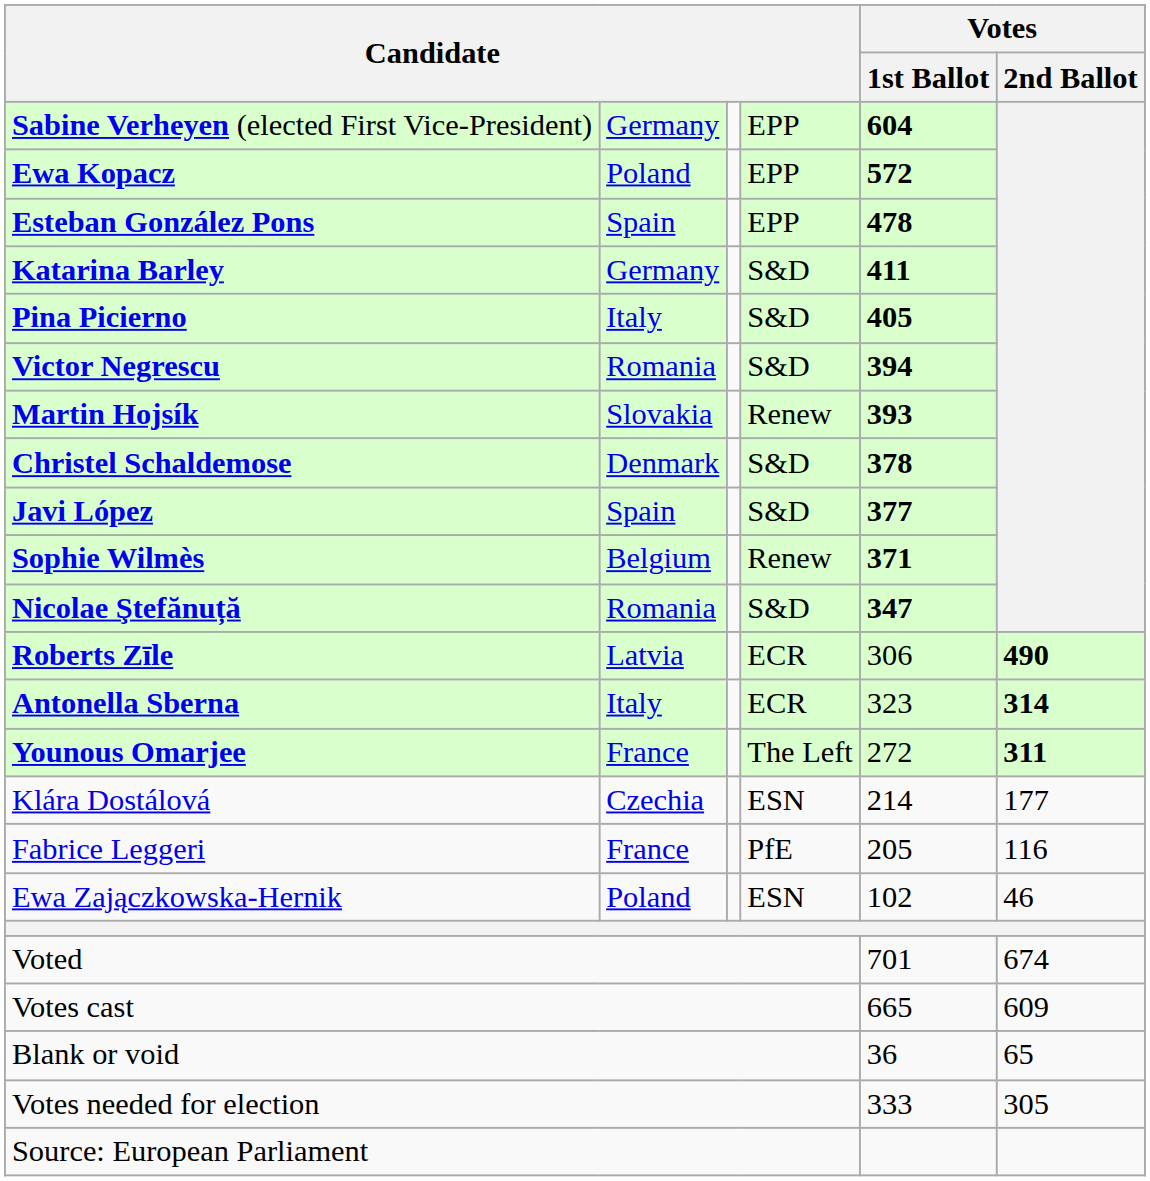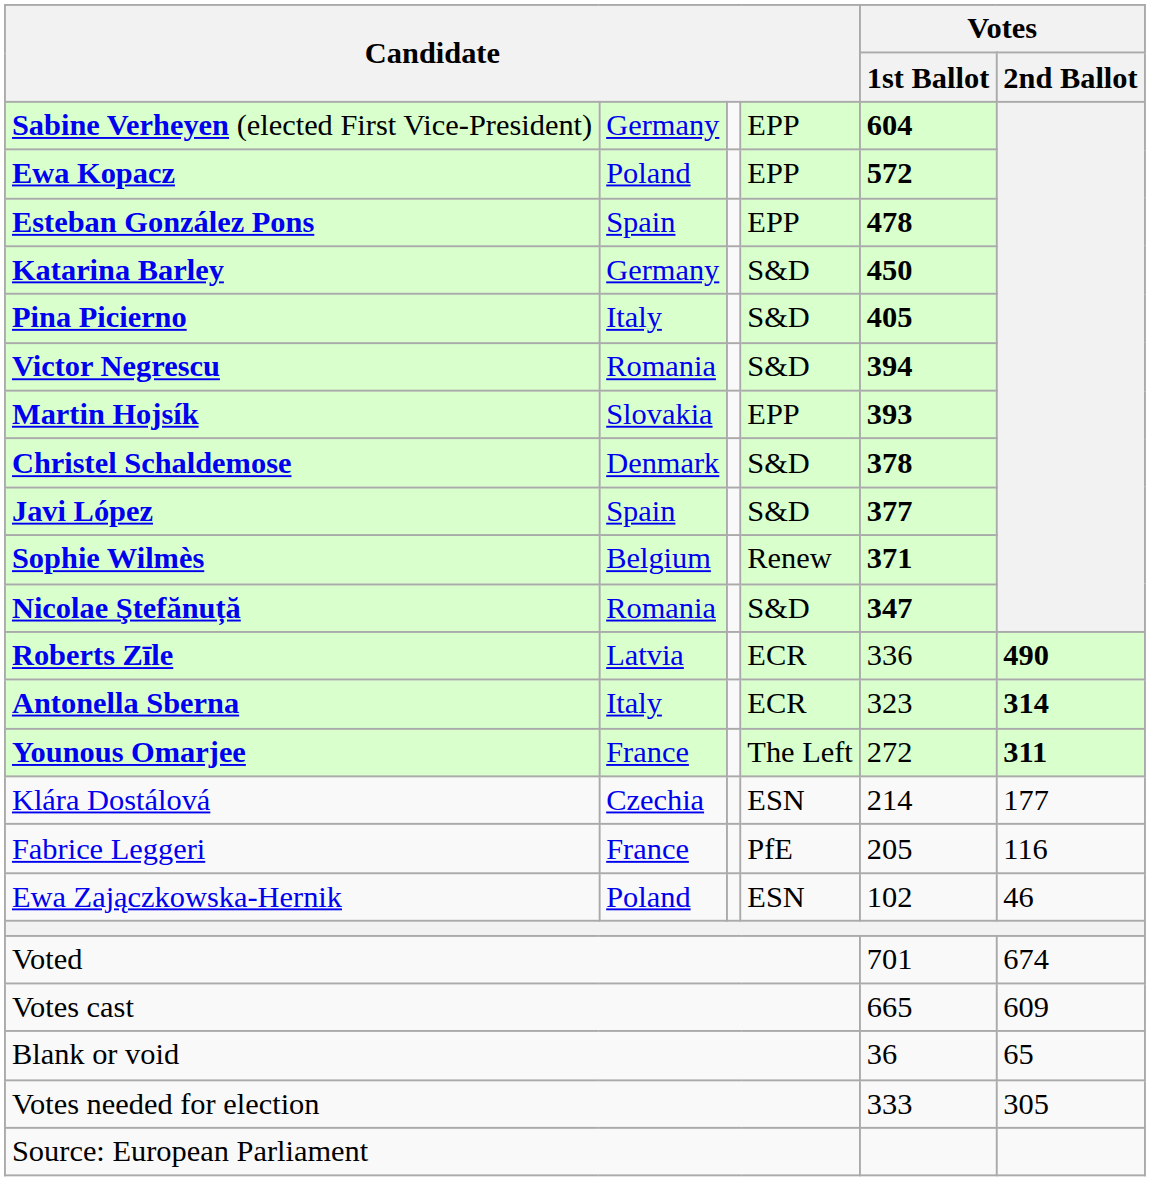 <table class="wikitable">
 <tr>
 <th colspan="4" rowspan="2">Candidate</th>
 <th colspan="2">Votes</th>
 </tr>
 <tr>
 <th>1st Ballot</th>
 <th>2nd Ballot</th>
 </tr>
 <tr>
 <td style="background-color:#d8ffcc"><strong><a href='#'>Sabine Verheyen</a></strong> (elected First Vice-President)</td>
 <td style="background-color:#d8ffcc"> <a href='#'>Germany</a></td>
 <td style="background-color:width:1px; background-color:"></td>
 <td style="background-color:#d8ffcc">EPP</td>
 <td style="background-color:#d8ffcc"><strong>604</strong></td>
 <th rowspan="11"></th>
 </tr>
 <tr>
 <td style="background-color:#d8ffcc"><strong><a href='#'>Ewa Kopacz</a></strong></td>
 <td style="background-color:#d8ffcc"> <a href='#'>Poland</a></td>
 <td style="background-color:width:1px; background-color:"></td>
 <td style="background-color:#d8ffcc">EPP</td>
 <td style="background-color:#d8ffcc"><strong>572</strong></td>
 </tr>
 <tr>
 <td style="background-color:#d8ffcc"><strong><a href='#'>Esteban González Pons</a></strong></td>
 <td style="background-color:#d8ffcc"> <a href='#'>Spain</a></td>
 <td style="background-color:width:1px; background-color:"></td>
 <td style="background-color:#d8ffcc">EPP</td>
 <td style="background-color:#d8ffcc"><strong>478</strong></td>
 </tr>
 <tr>
 <td style="background-color:#d8ffcc"><strong><a href='#'>Katarina Barley</a></strong></td>
 <td style="background-color:#d8ffcc"> <a href='#'>Germany</a></td>
 <td style="background-color:width:1px; background-color:"></td>
 <td style="background-color:#d8ffcc">S&D</td>
-<td style="background-color:#d8ffcc"><strong>411</strong></td>
+<td style="background-color:#d8ffcc"><strong>450</strong></td>
 </tr>
 <tr>
 <td style="background-color:#d8ffcc"><strong><a href='#'>Pina Picierno</a></strong></td>
 <td style="background-color:#d8ffcc"> <a href='#'>Italy</a></td>
 <td style="background-color:width:1px; background-color:"></td>
 <td style="background-color:#d8ffcc">S&D</td>
 <td style="background-color:#d8ffcc"><strong>405</strong></td>
 </tr>
 <tr>
 <td [ style="background-color:#d8ffcc"><strong><a href='#'>Victor Negrescu</a></strong></td>
 <td style="background-color:#d8ffcc"> <a href='#'>Romania</a></td>
 <td style="background-color:width:1px; background-color:"></td>
 <td style="background-color:#d8ffcc">S&D</td>
 <td style="background-color:#d8ffcc"><strong>394</strong></td>
 </tr>
 <tr>
 <td style="background-color:#d8ffcc"><strong><a href='#'>Martin Hojsík</a></strong></td>
 <td style="background-color:#d8ffcc"> <a href='#'>Slovakia</a></td>
 <td style="background-color:width:1px; background-color:"></td>
-<td style="background-color:#d8ffcc">Renew</td>
+<td style="background-color:#d8ffcc">EPP</td>
 <td style="background-color:#d8ffcc"><strong>393</strong></td>
 </tr>
 <tr>
 <td style="background-color:#d8ffcc"><strong><a href='#'>Christel Schaldemose</a></strong></td>
 <td style="background-color:#d8ffcc"> <a href='#'>Denmark</a></td>
 <td style="background-color:width:1px; background-color:"></td>
 <td style="background-color:#d8ffcc">S&D</td>
 <td style="background-color:#d8ffcc"><strong>378</strong></td>
 </tr>
 <tr>
 <td style="background-color:#d8ffcc"><a href='#'><strong>Javi López</strong></a></td>
 <td style="background-color:#d8ffcc"> <a href='#'>Spain</a></td>
 <td style="background-color:width:1px; background-color:"></td>
 <td style="background-color:#d8ffcc">S&D</td>
 <td style="background-color:#d8ffcc"><strong>377</strong></td>
 </tr>
 <tr>
 <td style="background-color:#d8ffcc"><strong><a href='#'>Sophie Wilmès</a></strong></td>
 <td style="background-color:#d8ffcc"> <a href='#'>Belgium</a></td>
 <td style="background-color:width:1px; background-color:"></td>
 <td style="background-color:#d8ffcc">Renew</td>
 <td style="background-color:#d8ffcc"><strong>371</strong></td>
 </tr>
 <tr>
 <td style="background-color:#d8ffcc"><a href='#'><strong>Nicolae Ştefănuță</strong></a></td>
 <td style="background-color:#d8ffcc"> <a href='#'>Romania</a></td>
 <td style="background-color:width:1px; background-color:"></td>
 <td style="background-color:#d8ffcc">S&D</td>
 <td style="background-color:#d8ffcc"><strong>347</strong></td>
 </tr>
 <tr>
 <td style="background-color:#d8ffcc"><strong><a href='#'>Roberts Zīle</a></strong></td>
 <td style="background-color:#d8ffcc"> <a href='#'>Latvia</a></td>
 <td style="background-color:width:1px; background-color:"></td>
 <td style="background-color:#d8ffcc">ECR</td>
-<td style="background-color:#d8ffcc">306</td>
+<td style="background-color:#d8ffcc">336</td>
 <td style="background-color:#d8ffcc"><strong>490</strong></td>
 </tr>
 <tr>
 <td style="background-color:#d8ffcc"><strong><a href='#'>Antonella Sberna</a></strong></td>
 <td style="background-color:#d8ffcc"> <a href='#'>Italy</a></td>
 <td style="background-color:width:1px; background-color:"></td>
 <td style="background-color:#d8ffcc">ECR</td>
 <td style="background-color:#d8ffcc">323</td>
 <td style="background-color:#d8ffcc"><strong>314</strong></td>
 </tr>
 <tr>
 <td style="background-color:#d8ffcc"><strong><a href='#'>Younous Omarjee</a></strong></td>
 <td style="background-color:#d8ffcc"> <a href='#'>France</a></td>
 <td style="background-color:width:1px; background-color:"></td>
 <td style="background-color:#d8ffcc">The Left</td>
 <td style="background-color:#d8ffcc">272</td>
 <td style="background-color:#d8ffcc"><strong>311</strong></td>
 </tr>
 <tr>
 <td><a href='#'>Klára Dostálová</a></td>
 <td> <a href='#'>Czechia</a></td>
 <td style="background-color:width:1px; background-color:"></td>
 <td>ESN</td>
 <td>214</td>
 <td>177</td>
 </tr>
 <tr>
 <td><a href='#'>Fabrice Leggeri</a></td>
 <td> <a href='#'>France</a></td>
 <td style="background-color:width:1px; background-color:"></td>
 <td>PfE</td>
 <td>205</td>
 <td>116</td>
 </tr>
 <tr>
 <td><a href='#'>Ewa Zajączkowska-Hernik</a></td>
 <td> <a href='#'>Poland</a></td>
 <td style="background-color:width:1px; background-color:"></td>
 <td>ESN</td>
 <td>102</td>
 <td>46</td>
 </tr>
 <tr>
 <th colspan="6"></th>
 </tr>
 <tr>
 <td colspan="4">Voted</td>
 <td>701</td>
 <td>674</td>
 </tr>
 <tr>
 <td colspan="4">Votes cast</td>
 <td>665</td>
 <td>609</td>
 </tr>
 <tr>
 <td colspan="4">Blank or void</td>
 <td>36</td>
 <td>65</td>
 </tr>
 <tr>
 <td colspan="4">Votes needed for election</td>
 <td>333</td>
 <td>305</td>
 </tr>
 <tr>
 <td colspan="4">Source: European Parliament</td>
 <td></td>
 <td></td>
 </tr>
 </table>
